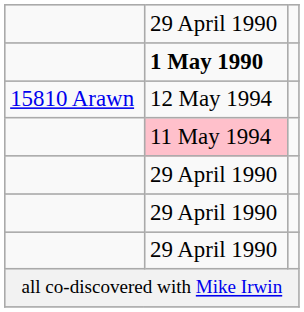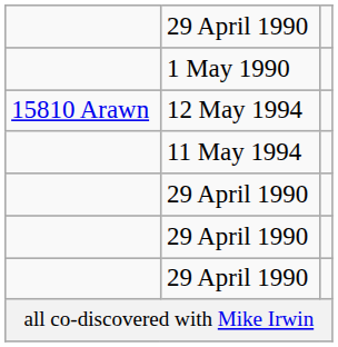 <table class="wikitable floatright" style="font-size: 0.9em;">
 <tr>
 <td></td>
 <td>29 April 1990</td>
 <td></td>
 </tr>
 <tr>
 <td></td>
-<td><strong>1 May 1990</strong></td>
+<td>1 May 1990</td>
 <td></td>
 </tr>
 <tr>
 <td><a href='#'>15810 Arawn</a></td>
 <td>12 May 1994</td>
 <td></td>
 </tr>
 <tr>
 <td></td>
-<td style="background: pink;">11 May 1994</td>
+<td>11 May 1994</td>
 <td></td>
 </tr>
 <tr>
 <td></td>
 <td>29 April 1990</td>
 <td></td>
 </tr>
 <tr>
 <td></td>
 <td>29 April 1990</td>
 <td></td>
 </tr>
 <tr>
 <td></td>
 <td>29 April 1990</td>
 <td></td>
 </tr>
 <tr>
 <th colspan=3 style="font-size: smaller; font-weight: normal; text-align: left; padding: 4px 10px;">all co-discovered with <a href='#'>Mike Irwin</a></th>
 </tr>
 </table>
